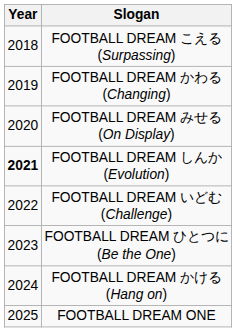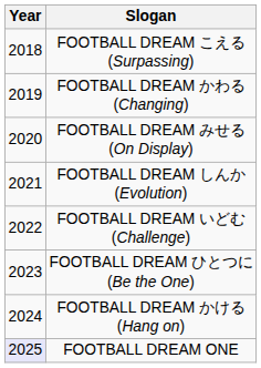 <table class="wikitable" style="text-align:center;">
 <tr>
 <th>Year</th>
 <th>Slogan</th>
 </tr>
 <tr>
 <td>2018</td>
 <td>FOOTBALL DREAM こえる<br>(<em>Surpassing</em>)</td>
 </tr>
 <tr>
 <td>2019</td>
 <td>FOOTBALL DREAM かわる<br>(<em>Changing</em>)</td>
 </tr>
 <tr>
 <td>2020</td>
 <td>FOOTBALL DREAM みせる<br>(<em>On Display</em>)</td>
 </tr>
 <tr>
-<td><strong>2021</strong></td>
+<td>2021</td>
 <td>FOOTBALL DREAM しんか<br>(<em>Evolution</em>)</td>
 </tr>
 <tr>
 <td>2022</td>
 <td>FOOTBALL DREAM いどむ<br>(<em>Challenge</em>)</td>
 </tr>
 <tr>
 <td>2023</td>
 <td>FOOTBALL DREAM ひとつに<br>(<em>Be the One</em>)</td>
 </tr>
 <tr>
 <td>2024</td>
 <td>FOOTBALL DREAM かける<br>(<em>Hang on</em>)</td>
 </tr>
 <tr>
-<td>2025</td>
+<td style="background: lavender;">2025</td>
 <td>FOOTBALL DREAM ONE</td>
 </tr>
 </table>
